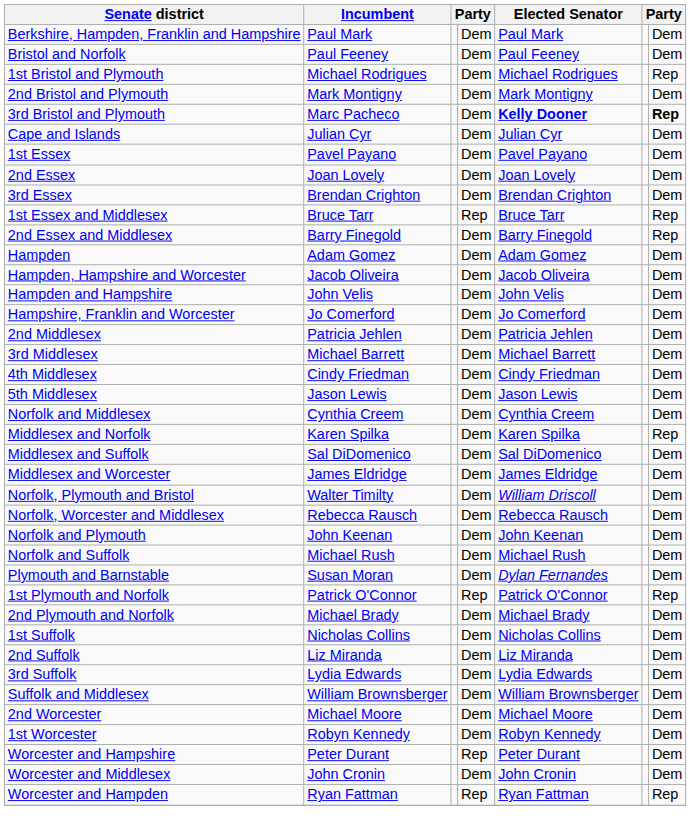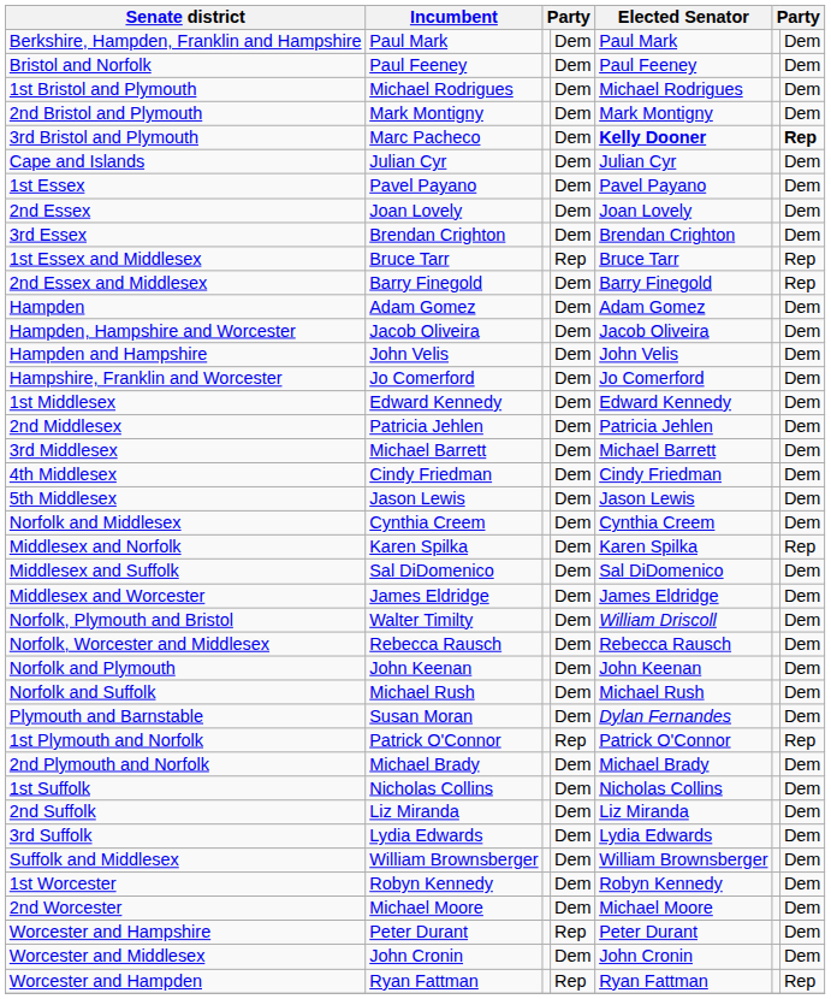 <table class="sortable wikitable" style="font-size:95%;line-height:14px;">
 <tr>
 <th class="unsortable"><a href='#'>Senate</a> district</th>
 <th class="unsortable"><a href='#'>Incumbent</a></th>
 <th colspan="2">Party</th>
 <th class="unsortable">Elected Senator</th>
 <th colspan="2">Party</th>
 </tr>
 <tr>
 <td><a href='#'>Berkshire, Hampden, Franklin and Hampshire</a></td>
 <td><a href='#'>Paul Mark</a></td>
 <td style="background:"></td>
 <td>Dem</td>
 <td><a href='#'>Paul Mark</a></td>
 <td style="background:"></td>
 <td>Dem</td>
 </tr>
 <tr>
 <td><a href='#'>Bristol and Norfolk</a></td>
 <td><a href='#'>Paul Feeney</a></td>
 <td style="background:"></td>
 <td>Dem</td>
 <td><a href='#'>Paul Feeney</a></td>
 <td style="background:"></td>
 <td>Dem</td>
 </tr>
 <tr>
 <td><a href='#'>1st Bristol and Plymouth</a></td>
 <td><a href='#'>Michael Rodrigues</a></td>
 <td style="background:"></td>
 <td>Dem</td>
 <td><a href='#'>Michael Rodrigues</a></td>
 <td style="background:"></td>
-<td>Rep</td>
+<td>Dem</td>
 </tr>
 <tr>
 <td><a href='#'>2nd Bristol and Plymouth</a></td>
 <td><a href='#'>Mark Montigny</a></td>
 <td style="background:"></td>
 <td>Dem</td>
 <td><a href='#'>Mark Montigny</a></td>
 <td style="background:"></td>
 <td>Dem</td>
 </tr>
 <tr>
 <td><a href='#'>3rd Bristol and Plymouth</a></td>
 <td><a href='#'>Marc Pacheco</a></td>
 <td style="background:"></td>
 <td>Dem</td>
 <td><strong><a href='#'>Kelly Dooner</a></strong></td>
 <td style="background:"></td>
 <td><strong>Rep</strong></td>
 </tr>
 <tr>
 <td><a href='#'>Cape and Islands</a></td>
 <td><a href='#'>Julian Cyr</a></td>
 <td style="background:"></td>
 <td>Dem</td>
 <td><a href='#'>Julian Cyr</a></td>
 <td style="background:"></td>
 <td>Dem</td>
 </tr>
 <tr>
 <td><a href='#'>1st Essex</a></td>
 <td><a href='#'>Pavel Payano</a></td>
 <td style="background:"></td>
 <td>Dem</td>
 <td><a href='#'>Pavel Payano</a></td>
 <td style="background:"></td>
 <td>Dem</td>
 </tr>
 <tr>
 <td><a href='#'>2nd Essex</a></td>
 <td><a href='#'>Joan Lovely</a></td>
 <td style="background:"></td>
 <td>Dem</td>
 <td><a href='#'>Joan Lovely</a></td>
 <td style="background:"></td>
 <td>Dem</td>
 </tr>
 <tr>
 <td><a href='#'>3rd Essex</a></td>
 <td><a href='#'>Brendan Crighton</a></td>
 <td style="background:"></td>
 <td>Dem</td>
 <td><a href='#'>Brendan Crighton</a></td>
 <td style="background:"></td>
 <td>Dem</td>
 </tr>
 <tr>
 <td><a href='#'>1st Essex and Middlesex</a></td>
 <td><a href='#'>Bruce Tarr</a></td>
 <td style="background:"></td>
 <td>Rep</td>
 <td><a href='#'>Bruce Tarr</a></td>
 <td style="background:"></td>
 <td>Rep</td>
 </tr>
 <tr>
 <td><a href='#'>2nd Essex and Middlesex</a></td>
 <td><a href='#'>Barry Finegold</a></td>
 <td style="background:"></td>
 <td>Dem</td>
 <td><a href='#'>Barry Finegold</a></td>
 <td style="background:"></td>
 <td>Rep</td>
 </tr>
 <tr>
 <td><a href='#'>Hampden</a></td>
 <td><a href='#'>Adam Gomez</a></td>
 <td style="background:"></td>
 <td>Dem</td>
 <td><a href='#'>Adam Gomez</a></td>
 <td style="background:"></td>
 <td>Dem</td>
 </tr>
 <tr>
 <td><a href='#'>Hampden, Hampshire and Worcester</a></td>
 <td><a href='#'>Jacob Oliveira</a></td>
 <td style="background:"></td>
 <td>Dem</td>
 <td><a href='#'>Jacob Oliveira</a></td>
 <td style="background:"></td>
 <td>Dem</td>
 </tr>
 <tr>
 <td><a href='#'>Hampden and Hampshire</a></td>
 <td><a href='#'>John Velis</a></td>
 <td style="background:"></td>
 <td>Dem</td>
 <td><a href='#'>John Velis</a></td>
 <td style="background:"></td>
 <td>Dem</td>
 </tr>
 <tr>
 <td><a href='#'>Hampshire, Franklin and Worcester</a></td>
 <td><a href='#'>Jo Comerford</a></td>
 <td style="background:"></td>
 <td>Dem</td>
 <td><a href='#'>Jo Comerford</a></td>
+<td style="background:"></td>
+<td>Dem</td>
+</tr>
+<tr>
+<td><a href='#'>1st Middlesex</a></td>
+<td><a href='#'>Edward Kennedy</a></td>
+<td style="background:"></td>
+<td>Dem</td>
+<td><a href='#'>Edward Kennedy</a></td>
 <td style="background:"></td>
 <td>Dem</td>
 </tr>
 <tr>
 <td><a href='#'>2nd Middlesex</a></td>
 <td><a href='#'>Patricia Jehlen</a></td>
 <td style="background:"></td>
 <td>Dem</td>
 <td><a href='#'>Patricia Jehlen</a></td>
 <td style="background:"></td>
 <td>Dem</td>
 </tr>
 <tr>
 <td><a href='#'>3rd Middlesex</a></td>
 <td><a href='#'>Michael Barrett</a></td>
 <td style="background:"></td>
 <td>Dem</td>
 <td><a href='#'>Michael Barrett</a></td>
 <td style="background:"></td>
 <td>Dem</td>
 </tr>
 <tr>
 <td><a href='#'>4th Middlesex</a></td>
 <td><a href='#'>Cindy Friedman</a></td>
 <td style="background:"></td>
 <td>Dem</td>
 <td><a href='#'>Cindy Friedman</a></td>
 <td style="background:"></td>
 <td>Dem</td>
 </tr>
 <tr>
 <td><a href='#'>5th Middlesex</a></td>
 <td><a href='#'>Jason Lewis</a></td>
 <td style="background:"></td>
 <td>Dem</td>
 <td><a href='#'>Jason Lewis</a></td>
 <td style="background:"></td>
 <td>Dem</td>
 </tr>
 <tr>
 <td><a href='#'>Norfolk and Middlesex</a></td>
 <td><a href='#'>Cynthia Creem</a></td>
 <td style="background:"></td>
 <td>Dem</td>
 <td><a href='#'>Cynthia Creem</a></td>
 <td style="background:"></td>
 <td>Dem</td>
 </tr>
 <tr>
 <td><a href='#'>Middlesex and Norfolk</a></td>
 <td><a href='#'>Karen Spilka</a></td>
 <td style="background:"></td>
 <td>Dem</td>
 <td><a href='#'>Karen Spilka</a></td>
 <td style="background:"></td>
 <td>Rep</td>
 </tr>
 <tr>
 <td><a href='#'>Middlesex and Suffolk</a></td>
 <td><a href='#'>Sal DiDomenico</a></td>
 <td style="background:"></td>
 <td>Dem</td>
 <td><a href='#'>Sal DiDomenico</a></td>
 <td style="background:"></td>
 <td>Dem</td>
 </tr>
 <tr>
 <td><a href='#'>Middlesex and Worcester</a></td>
 <td><a href='#'>James Eldridge</a></td>
 <td style="background:"></td>
 <td>Dem</td>
 <td><a href='#'>James Eldridge</a></td>
 <td style="background:"></td>
 <td>Dem</td>
 </tr>
 <tr>
 <td><a href='#'>Norfolk, Plymouth and Bristol</a></td>
 <td><a href='#'>Walter Timilty</a></td>
 <td style="background:"></td>
 <td>Dem</td>
 <td><em><a href='#'>William Driscoll</a></em></td>
 <td style="background:"></td>
 <td>Dem</td>
 </tr>
 <tr>
 <td><a href='#'>Norfolk, Worcester and Middlesex</a></td>
 <td><a href='#'>Rebecca Rausch</a></td>
 <td style="background:"></td>
 <td>Dem</td>
 <td><a href='#'>Rebecca Rausch</a></td>
 <td style="background:"></td>
 <td>Dem</td>
 </tr>
 <tr>
 <td><a href='#'>Norfolk and Plymouth</a></td>
 <td><a href='#'>John Keenan</a></td>
 <td style="background:"></td>
 <td>Dem</td>
 <td><a href='#'>John Keenan</a></td>
 <td style="background:"></td>
 <td>Dem</td>
 </tr>
 <tr>
 <td><a href='#'>Norfolk and Suffolk</a></td>
 <td><a href='#'>Michael Rush</a></td>
 <td style="background:"></td>
 <td>Dem</td>
 <td><a href='#'>Michael Rush</a></td>
 <td style="background:"></td>
 <td>Dem</td>
 </tr>
 <tr>
 <td><a href='#'>Plymouth and Barnstable</a></td>
 <td><a href='#'>Susan Moran</a></td>
 <td style="background:"></td>
 <td>Dem</td>
 <td><em><a href='#'>Dylan Fernandes</a></em></td>
 <td style="background:"></td>
 <td>Dem</td>
 </tr>
 <tr>
 <td><a href='#'>1st Plymouth and Norfolk</a></td>
 <td><a href='#'>Patrick O'Connor</a></td>
 <td style="background:"></td>
 <td>Rep</td>
 <td><a href='#'>Patrick O'Connor</a></td>
 <td style="background:"></td>
 <td>Rep</td>
 </tr>
 <tr>
 <td><a href='#'>2nd Plymouth and Norfolk</a></td>
 <td><a href='#'>Michael Brady</a></td>
 <td style="background:"></td>
 <td>Dem</td>
 <td><a href='#'>Michael Brady</a></td>
 <td style="background:"></td>
 <td>Dem</td>
 </tr>
 <tr>
 <td><a href='#'>1st Suffolk</a></td>
 <td><a href='#'>Nicholas Collins</a></td>
 <td style="background:"></td>
 <td>Dem</td>
 <td><a href='#'>Nicholas Collins</a></td>
 <td style="background:"></td>
 <td>Dem</td>
 </tr>
 <tr>
 <td><a href='#'>2nd Suffolk</a></td>
 <td><a href='#'>Liz Miranda</a></td>
 <td style="background:"></td>
 <td>Dem</td>
 <td><a href='#'>Liz Miranda</a></td>
 <td style="background:"></td>
 <td>Dem</td>
 </tr>
 <tr>
 <td><a href='#'>3rd Suffolk</a></td>
 <td><a href='#'>Lydia Edwards</a></td>
 <td style="background:"></td>
 <td>Dem</td>
 <td><a href='#'>Lydia Edwards</a></td>
 <td style="background:"></td>
 <td>Dem</td>
 </tr>
 <tr>
 <td><a href='#'>Suffolk and Middlesex</a></td>
 <td><a href='#'>William Brownsberger</a></td>
 <td style="background:"></td>
 <td>Dem</td>
 <td><a href='#'>William Brownsberger</a></td>
 <td style="background:"></td>
 <td>Dem</td>
 </tr>
 <tr>
+<td><a href='#'>1st Worcester</a></td>
+<td><a href='#'>Robyn Kennedy</a></td>
+<td style="background:"></td>
+<td>Dem</td>
+<td><a href='#'>Robyn Kennedy</a></td>
+<td style="background:"></td>
+<td>Dem</td>
+</tr>
+<tr>
 <td><a href='#'>2nd Worcester</a></td>
 <td><a href='#'>Michael Moore</a></td>
 <td style="background:"></td>
 <td>Dem</td>
 <td><a href='#'>Michael Moore</a></td>
-<td style="background:"></td>
-<td>Dem</td>
-</tr>
-<tr>
-<td><a href='#'>1st Worcester</a></td>
-<td><a href='#'>Robyn Kennedy</a></td>
-<td style="background:"></td>
-<td>Dem</td>
-<td><a href='#'>Robyn Kennedy</a></td>
 <td style="background:"></td>
 <td>Dem</td>
 </tr>
 <tr>
 <td><a href='#'>Worcester and Hampshire</a></td>
 <td><a href='#'>Peter Durant</a></td>
 <td style="background:"></td>
 <td>Rep</td>
 <td><a href='#'>Peter Durant</a></td>
 <td style="background:"></td>
 <td>Dem</td>
 </tr>
 <tr>
 <td><a href='#'>Worcester and Middlesex</a></td>
 <td><a href='#'>John Cronin</a></td>
 <td style="background:"></td>
 <td>Dem</td>
 <td><a href='#'>John Cronin</a></td>
 <td style="background:"></td>
 <td>Dem</td>
 </tr>
 <tr>
 <td><a href='#'>Worcester and Hampden</a></td>
 <td><a href='#'>Ryan Fattman</a></td>
 <td style="background:"></td>
 <td>Rep</td>
 <td><a href='#'>Ryan Fattman</a></td>
 <td style="background:"></td>
 <td>Rep</td>
 </tr>
 <tr>
 </tr>
 </table>
